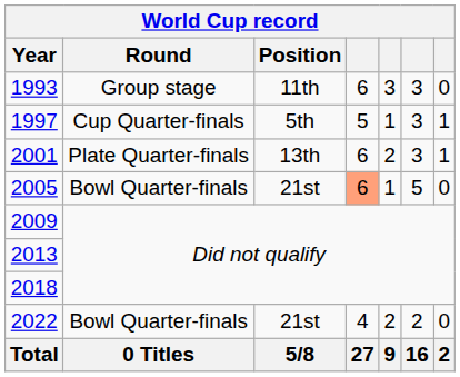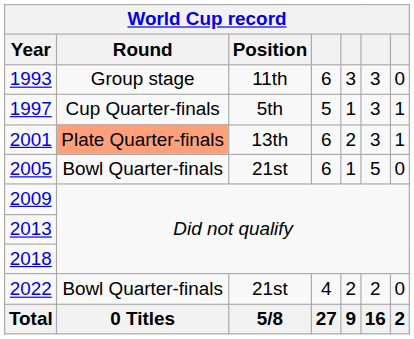 <table class="wikitable" style="text-align: center">
 <tr>
 <th colspan=7><a href='#'>World Cup record</a></th>
 </tr>
 <tr>
 <th>Year</th>
 <th>Round</th>
 <th>Position</th>
 <th></th>
 <th></th>
 <th></th>
 <th></th>
 </tr>
 <tr>
 <td> <a href='#'>1993</a></td>
 <td>Group stage</td>
 <td>11th</td>
 <td>6</td>
 <td>3</td>
 <td>3</td>
 <td>0</td>
 </tr>
 <tr>
 <td> <a href='#'>1997</a></td>
 <td>Cup Quarter-finals</td>
 <td>5th</td>
 <td>5</td>
 <td>1</td>
 <td>3</td>
 <td>1</td>
 </tr>
 <tr>
 <td> <a href='#'>2001</a></td>
-<td>Plate Quarter-finals</td>
+<td style="background: lightsalmon;">Plate Quarter-finals</td>
 <td>13th</td>
 <td>6</td>
 <td>2</td>
 <td>3</td>
 <td>1</td>
 </tr>
 <tr>
 <td> <a href='#'>2005</a></td>
 <td>Bowl Quarter-finals</td>
 <td>21st</td>
-<td style="background: lightsalmon;">6</td>
+<td>6</td>
 <td>1</td>
 <td>5</td>
 <td>0</td>
 </tr>
 <tr>
 <td> <a href='#'>2009</a></td>
 <td rowspan=3 colspan=6 align=center><em>Did not qualify</em></td>
 </tr>
 <tr>
 <td> <a href='#'>2013</a></td>
 </tr>
 <tr>
 <td> <a href='#'>2018</a></td>
 </tr>
 <tr>
 <td> <a href='#'>2022</a></td>
 <td>Bowl Quarter-finals</td>
 <td>21st</td>
 <td>4</td>
 <td>2</td>
 <td>2</td>
 <td>0</td>
 </tr>
 <tr>
 <th>Total</th>
 <th>0 Titles</th>
 <th>5/8</th>
 <th>27</th>
 <th>9</th>
 <th>16</th>
 <th>2</th>
 </tr>
 </table>
